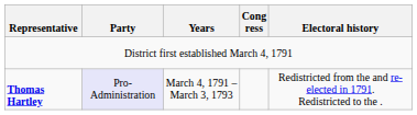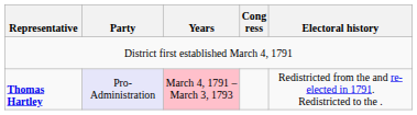 <table class=wikitable style="text-align:center">
 <tr style="height:3em" valign=bottom>
 <th>Representative</th>
 <th>Party</th>
 <th>Years</th>
 <th>Cong<br>ress</th>
 <th>Electoral history</th>
 </tr>
 <tr style="height:3em">
 <td colspan=5>District first established March 4, 1791</td>
 </tr>
 <tr style="height:3em">
 <td align=left><br><strong><a href='#'>Thomas Hartley</a></strong><br></td>
 <td style="background: lavender;">Pro-Administration</td>
-<td nowrap>March 4, 1791 –<br>March 3, 1793</td>
+<td nowrap style="background: pink;">March 4, 1791 –<br>March 3, 1793</td>
 <td></td>
 <td>Redistricted from the  and <a href='#'>re-elected in 1791</a>.<br>Redistricted to the .</td>
 </tr>
 </table>
